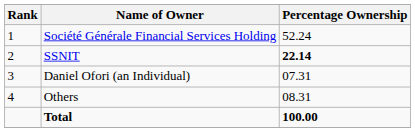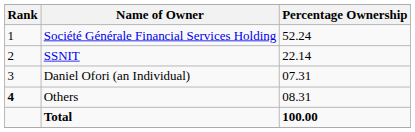 <table class="wikitable sortable" style="margin-left:auto;margin-right:auto">
 <tr>
 </tr>
 <tr>
 <th style="width:2em;">Rank</th>
 <th>Name of Owner</th>
 <th>Percentage Ownership</th>
 </tr>
 <tr>
 <td>1</td>
 <td><a href='#'>Société Générale Financial Services Holding</a></td>
 <td>52.24</td>
 </tr>
 <tr>
 <td>2</td>
 <td><a href='#'>SSNIT</a></td>
-<td><strong>22.14</strong></td>
+<td>22.14</td>
 </tr>
 <tr>
 <td>3</td>
 <td>Daniel Ofori (an Individual)</td>
 <td>07.31</td>
 </tr>
 <tr>
-<td>4</td>
+<td><strong>4</strong></td>
 <td>Others</td>
 <td>08.31</td>
 </tr>
 <tr>
 <td></td>
 <td><strong>Total</strong></td>
 <td><strong>100.00</strong></td>
 </tr>
 <tr>
 </tr>
 </table>
